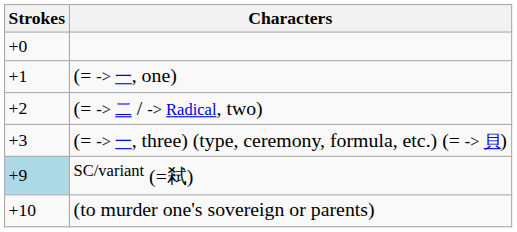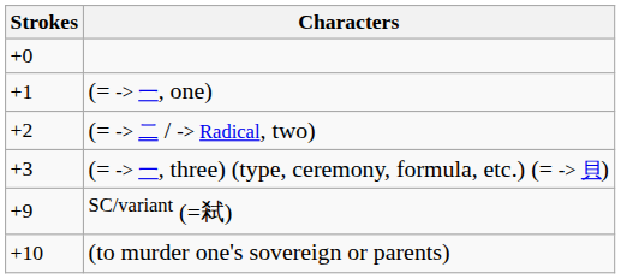 <table class="wikitable">
 <tr>
 <th>Strokes</th>
 <th>Characters</th>
 </tr>
 <tr --->
 <td>+0</td>
 <td style="font-size: large;"></td>
 </tr>
 <tr --->
 <td>+1</td>
 <td style="font-size: large;"> (= <small>-> <a href='#'>一</a></small>, one)</td>
 </tr>
 <tr --->
 <td>+2</td>
 <td style="font-size: large;"> (= <small>-> <a href='#'>二</a></small> /  <small>-> <a href='#'>Radical</a></small>, two)</td>
 </tr>
 <tr --->
 <td>+3</td>
 <td style="font-size: large;"> (= <small>-> <a href='#'>一</a></small>, three)  (type, ceremony, formula, etc.)  (= <small>-> <a href='#'>貝</a></small>)</td>
 </tr>
 <tr --->
-<td style="background: lightblue;">+9</td>
+<td>+9</td>
 <td style="font-size: large;"><sup>SC/variant</sup> (=弒)</td>
 </tr>
 <tr --->
 <td>+10</td>
 <td style="font-size: large;"> (to murder one's sovereign or parents)</td>
 </tr>
 </table>
